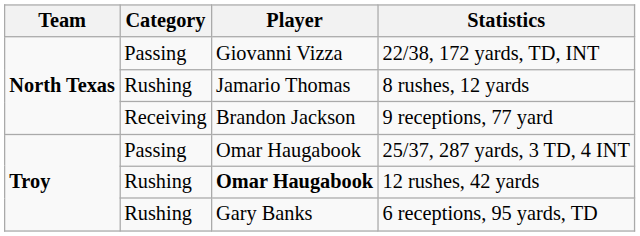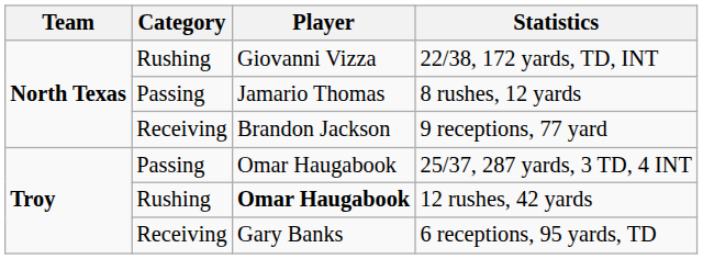 <table class="wikitable" style="float: left;">
 <tr>
 <th>Team</th>
 <th>Category</th>
 <th>Player</th>
 <th>Statistics</th>
 </tr>
 <tr>
 <td rowspan=3><strong>North Texas</strong></td>
-<td>Passing</td>
+<td>Rushing</td>
 <td>Giovanni Vizza</td>
 <td>22/38, 172 yards, TD, INT</td>
 </tr>
 <tr>
-<td>Rushing</td>
+<td>Passing</td>
 <td>Jamario Thomas</td>
 <td>8 rushes, 12 yards</td>
 </tr>
 <tr>
 <td>Receiving</td>
 <td>Brandon Jackson</td>
 <td>9 receptions, 77 yard</td>
 </tr>
 <tr>
 <td rowspan=3><strong>Troy</strong></td>
 <td>Passing</td>
 <td>Omar Haugabook</td>
 <td>25/37, 287 yards, 3 TD, 4 INT</td>
 </tr>
 <tr>
 <td>Rushing</td>
 <td><strong>Omar Haugabook</strong></td>
 <td>12 rushes, 42 yards</td>
 </tr>
 <tr>
-<td>Rushing</td>
+<td>Receiving</td>
 <td>Gary Banks</td>
 <td>6 receptions, 95 yards, TD</td>
 </tr>
 </table>
